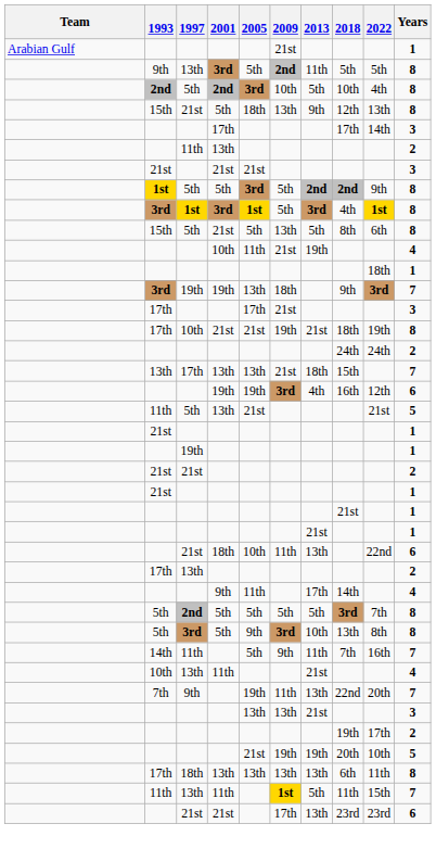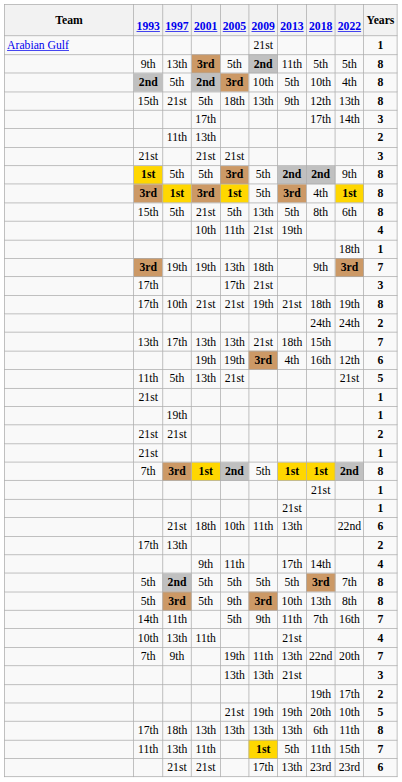 <table class="wikitable" style="text-align: center">
 <tr>
 <th width=170>Team</th>
 <th><br><a href='#'>1993</a></th>
 <th><br><a href='#'>1997</a></th>
 <th><br><a href='#'>2001</a></th>
 <th><br><a href='#'>2005</a></th>
 <th><br><a href='#'>2009</a></th>
 <th><br><a href='#'>2013</a></th>
 <th><br><a href='#'>2018</a></th>
 <th><br><a href='#'>2022</a></th>
 <th>Years</th>
 </tr>
 <tr>
 <td align=left> <a href='#'>Arabian Gulf</a></td>
 <td></td>
 <td></td>
 <td></td>
 <td></td>
 <td>21st</td>
 <td></td>
 <td></td>
 <td></td>
 <td><strong>1</strong></td>
 </tr>
 <tr>
 <td align=left></td>
 <td>9th</td>
 <td>13th</td>
 <td bgcolor=cc9966><strong>3rd</strong></td>
 <td>5th</td>
 <td bgcolor=silver><strong>2nd</strong></td>
 <td>11th</td>
 <td>5th</td>
 <td>5th</td>
 <td><strong>8</strong></td>
 </tr>
 <tr>
 <td align=left></td>
 <td bgcolor=silver><strong>2nd</strong></td>
 <td>5th</td>
 <td bgcolor=silver><strong>2nd</strong></td>
 <td bgcolor=cc9966><strong>3rd</strong></td>
 <td>10th</td>
 <td>5th</td>
 <td>10th</td>
 <td>4th</td>
 <td><strong>8</strong></td>
 </tr>
 <tr>
 <td align=left></td>
 <td>15th</td>
 <td>21st</td>
 <td>5th</td>
 <td>18th</td>
 <td>13th</td>
 <td>9th</td>
 <td>12th</td>
 <td>13th</td>
 <td><strong>8</strong></td>
 </tr>
 <tr>
 <td align=left></td>
 <td></td>
 <td></td>
 <td>17th</td>
 <td></td>
 <td></td>
 <td></td>
 <td>17th</td>
 <td>14th</td>
 <td><strong>3</strong></td>
 </tr>
 <tr>
 <td align=left></td>
 <td></td>
 <td>11th</td>
 <td>13th</td>
 <td></td>
 <td></td>
 <td></td>
 <td></td>
 <td></td>
 <td><strong>2</strong></td>
 </tr>
 <tr>
 <td align=left></td>
 <td>21st</td>
 <td></td>
 <td>21st</td>
 <td>21st</td>
 <td></td>
 <td></td>
 <td></td>
 <td></td>
 <td><strong>3</strong></td>
 </tr>
 <tr>
 <td align=left></td>
 <td bgcolor=gold><strong>1st</strong></td>
 <td>5th</td>
 <td>5th</td>
 <td bgcolor=cc9966><strong>3rd</strong></td>
 <td>5th</td>
 <td bgcolor=silver><strong>2nd</strong></td>
 <td bgcolor=silver><strong>2nd</strong></td>
 <td>9th</td>
 <td><strong>8</strong></td>
 </tr>
 <tr>
 <td align=left></td>
 <td bgcolor=cc9966><strong>3rd</strong></td>
 <td bgcolor=gold><strong>1st</strong></td>
 <td bgcolor=cc9966><strong>3rd</strong></td>
 <td bgcolor=gold><strong>1st</strong></td>
 <td>5th</td>
 <td bgcolor=cc9966><strong>3rd</strong></td>
 <td>4th</td>
 <td bgcolor=gold><strong>1st</strong></td>
 <td><strong>8</strong></td>
 </tr>
 <tr>
 <td align=left></td>
 <td>15th</td>
 <td>5th</td>
 <td>21st</td>
 <td>5th</td>
 <td>13th</td>
 <td>5th</td>
 <td>8th</td>
 <td>6th</td>
 <td><strong>8</strong></td>
 </tr>
 <tr>
 <td align=left></td>
 <td></td>
 <td></td>
 <td>10th</td>
 <td>11th</td>
 <td>21st</td>
 <td>19th</td>
 <td></td>
 <td></td>
 <td><strong>4</strong></td>
 </tr>
 <tr>
 <td align=left></td>
 <td></td>
 <td></td>
 <td></td>
 <td></td>
 <td></td>
 <td></td>
 <td></td>
 <td>18th</td>
 <td><strong>1</strong></td>
 </tr>
 <tr>
 <td align=left></td>
 <td bgcolor=cc9966><strong>3rd</strong></td>
 <td>19th</td>
 <td>19th</td>
 <td>13th</td>
 <td>18th</td>
 <td></td>
 <td>9th</td>
 <td bgcolor=cc9966><strong>3rd</strong></td>
 <td><strong>7</strong></td>
 </tr>
 <tr>
 <td align=left></td>
 <td>17th</td>
 <td></td>
 <td></td>
 <td>17th</td>
 <td>21st</td>
 <td></td>
 <td></td>
 <td></td>
 <td><strong>3</strong></td>
 </tr>
 <tr>
 <td align=left></td>
 <td>17th</td>
 <td>10th</td>
 <td>21st</td>
 <td>21st</td>
 <td>19th</td>
 <td>21st</td>
 <td>18th</td>
 <td>19th</td>
 <td><strong>8</strong></td>
 </tr>
 <tr>
 <td align=left></td>
 <td></td>
 <td></td>
 <td></td>
 <td></td>
 <td></td>
 <td></td>
 <td>24th</td>
 <td>24th</td>
 <td><strong>2</strong></td>
 </tr>
 <tr>
 <td align=left></td>
 <td>13th</td>
 <td>17th</td>
 <td>13th</td>
 <td>13th</td>
 <td>21st</td>
 <td>18th</td>
 <td>15th</td>
 <td></td>
 <td><strong>7</strong></td>
 </tr>
 <tr>
 <td align=left></td>
 <td></td>
 <td></td>
 <td>19th</td>
 <td>19th</td>
 <td bgcolor=cc9966><strong>3rd</strong></td>
 <td>4th</td>
 <td>16th</td>
 <td>12th</td>
 <td><strong>6</strong></td>
 </tr>
 <tr>
 <td align=left></td>
 <td>11th</td>
 <td>5th</td>
 <td>13th</td>
 <td>21st</td>
 <td></td>
 <td></td>
 <td></td>
 <td>21st</td>
 <td><strong>5</strong></td>
 </tr>
 <tr>
 <td align=left></td>
 <td>21st</td>
 <td></td>
 <td></td>
 <td></td>
 <td></td>
 <td></td>
 <td></td>
 <td></td>
 <td><strong>1</strong></td>
 </tr>
 <tr>
 <td align=left></td>
 <td></td>
 <td>19th</td>
 <td></td>
 <td></td>
 <td></td>
 <td></td>
 <td></td>
 <td></td>
 <td><strong>1</strong></td>
 </tr>
 <tr>
 <td align=left></td>
 <td>21st</td>
 <td>21st</td>
 <td></td>
 <td></td>
 <td></td>
 <td></td>
 <td></td>
 <td></td>
 <td><strong>2</strong></td>
 </tr>
 <tr>
 <td align=left></td>
 <td>21st</td>
 <td></td>
 <td></td>
 <td></td>
 <td></td>
 <td></td>
 <td></td>
 <td></td>
 <td><strong>1</strong></td>
 </tr>
 <tr>
 <td align=left></td>
+<td>7th</td>
+<td bgcolor=cc9966><strong>3rd</strong></td>
+<td bgcolor=gold><strong>1st</strong></td>
+<td bgcolor=silver><strong>2nd</strong></td>
+<td>5th</td>
+<td bgcolor=gold><strong>1st</strong></td>
+<td bgcolor=gold><strong>1st</strong></td>
+<td bgcolor=silver><strong>2nd</strong></td>
+<td><strong>8</strong></td>
+</tr>
+<tr>
+<td align=left></td>
 <td></td>
 <td></td>
 <td></td>
 <td></td>
 <td></td>
 <td></td>
 <td>21st</td>
 <td></td>
 <td><strong>1</strong></td>
 </tr>
 <tr>
 <td align=left></td>
 <td></td>
 <td></td>
 <td></td>
 <td></td>
 <td></td>
 <td>21st</td>
 <td></td>
 <td></td>
 <td><strong>1</strong></td>
 </tr>
 <tr>
 <td align=left></td>
 <td></td>
 <td>21st</td>
 <td>18th</td>
 <td>10th</td>
 <td>11th</td>
 <td>13th</td>
 <td></td>
 <td>22nd</td>
 <td><strong>6</strong></td>
 </tr>
 <tr>
 <td align=left></td>
 <td>17th</td>
 <td>13th</td>
 <td></td>
 <td></td>
 <td></td>
 <td></td>
 <td></td>
 <td></td>
 <td><strong>2</strong></td>
 </tr>
 <tr>
 <td align=left></td>
 <td></td>
 <td></td>
 <td>9th</td>
 <td>11th</td>
 <td></td>
 <td>17th</td>
 <td>14th</td>
 <td></td>
 <td><strong>4</strong></td>
 </tr>
 <tr>
 <td align=left></td>
 <td>5th</td>
 <td bgcolor=silver><strong>2nd</strong></td>
 <td>5th</td>
 <td>5th</td>
 <td>5th</td>
 <td>5th</td>
 <td bgcolor=cc9966><strong>3rd</strong></td>
 <td>7th</td>
 <td><strong>8</strong></td>
 </tr>
 <tr>
 <td align=left></td>
 <td>5th</td>
 <td bgcolor=cc9966><strong>3rd</strong></td>
 <td>5th</td>
 <td>9th</td>
 <td bgcolor=cc9966><strong>3rd</strong></td>
 <td>10th</td>
 <td>13th</td>
 <td>8th</td>
 <td><strong>8</strong></td>
 </tr>
 <tr>
 <td align=left></td>
 <td>14th</td>
 <td>11th</td>
 <td></td>
 <td>5th</td>
 <td>9th</td>
 <td>11th</td>
 <td>7th</td>
 <td>16th</td>
 <td><strong>7</strong></td>
 </tr>
 <tr>
 <td align=left></td>
 <td>10th</td>
 <td>13th</td>
 <td>11th</td>
 <td></td>
 <td></td>
 <td>21st</td>
 <td></td>
 <td></td>
 <td><strong>4</strong></td>
 </tr>
 <tr>
 <td align=left></td>
 <td>7th</td>
 <td>9th</td>
 <td></td>
 <td>19th</td>
 <td>11th</td>
 <td>13th</td>
 <td>22nd</td>
 <td>20th</td>
 <td><strong>7</strong></td>
 </tr>
 <tr>
 <td align=left></td>
 <td></td>
 <td></td>
 <td></td>
 <td>13th</td>
 <td>13th</td>
 <td>21st</td>
 <td></td>
 <td></td>
 <td><strong>3</strong></td>
 </tr>
 <tr>
 <td align=left></td>
 <td></td>
 <td></td>
 <td></td>
 <td></td>
 <td></td>
 <td></td>
 <td>19th</td>
 <td>17th</td>
 <td><strong>2</strong></td>
 </tr>
 <tr>
 <td align=left></td>
 <td></td>
 <td></td>
 <td></td>
 <td>21st</td>
 <td>19th</td>
 <td>19th</td>
 <td>20th</td>
 <td>10th</td>
 <td><strong>5</strong></td>
 </tr>
 <tr>
 <td align=left></td>
 <td>17th</td>
 <td>18th</td>
 <td>13th</td>
 <td>13th</td>
 <td>13th</td>
 <td>13th</td>
 <td>6th</td>
 <td>11th</td>
 <td><strong>8</strong></td>
 </tr>
 <tr>
 <td align=left></td>
 <td>11th</td>
 <td>13th</td>
 <td>11th</td>
 <td></td>
 <td bgcolor=gold><strong>1st</strong></td>
 <td>5th</td>
 <td>11th</td>
 <td>15th</td>
 <td><strong>7</strong></td>
 </tr>
 <tr>
 <td align=left></td>
 <td></td>
 <td>21st</td>
 <td>21st</td>
 <td></td>
 <td>17th</td>
 <td>13th</td>
 <td>23rd</td>
 <td>23rd</td>
 <td><strong>6</strong></td>
 </tr>
 </table>
